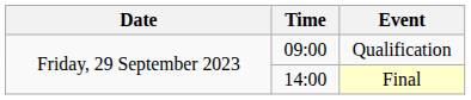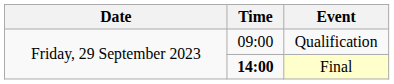 <table class = "wikitable" style="text-align:center;">
 <tr>
 <th width=220>Date</th>
 <th width=50>Time</th>
 <th width=100>Event</th>
 </tr>
 <tr>
 <td rowspan=2>Friday, 29 September 2023</td>
 <td>09:00</td>
 <td>Qualification</td>
 </tr>
 <tr>
-<td>14:00</td>
+<td><strong>14:00</strong></td>
 <td bgcolor=ffffcc>Final</td>
 </tr>
 </table>
